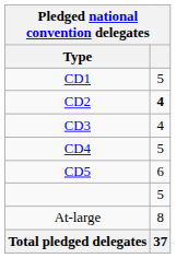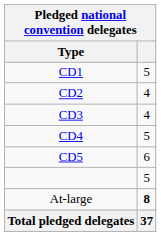 <table class="wikitable sortable" style="font-size:90%;text-align:center;float:none;padding:5px;">
 <tr>
 <th colspan="2">Pledged <a href='#'>national<br>convention</a> delegates</th>
 </tr>
 <tr>
 <th>Type</th>
 <th></th>
 </tr>
 <tr>
 <td><a href='#'>CD1</a></td>
 <td>5</td>
 </tr>
 <tr>
 <td><a href='#'>CD2</a></td>
-<td><strong>4</strong></td>
+<td>4</td>
 </tr>
 <tr>
 <td><a href='#'>CD3</a></td>
 <td>4</td>
 </tr>
 <tr>
 <td><a href='#'>CD4</a></td>
 <td>5</td>
 </tr>
 <tr>
 <td><a href='#'>CD5</a></td>
 <td>6</td>
 </tr>
 <tr>
 <td></td>
 <td>5</td>
 </tr>
 <tr>
 <td>At-large</td>
-<td>8</td>
+<td><strong>8</strong></td>
 </tr>
 <tr>
 <th>Total pledged delegates</th>
 <th>37</th>
 </tr>
 </table>
